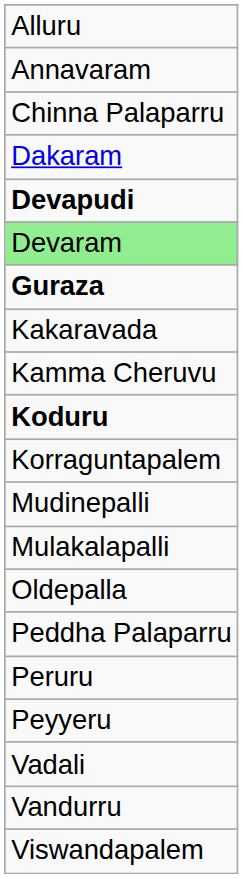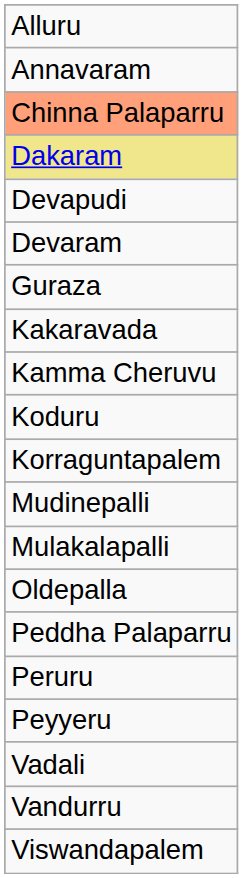 <table class="wikitable">
 <tr>
 <td>Alluru</td>
 </tr>
 <tr>
 <td>Annavaram</td>
 </tr>
 <tr>
-<td>Chinna Palaparru</td>
+<td style="background: lightsalmon;">Chinna Palaparru</td>
 </tr>
 <tr>
-<td><a href='#'>Dakaram</a></td>
+<td style="background: khaki;"><a href='#'>Dakaram</a></td>
 </tr>
 <tr>
-<td><strong>Devapudi</strong></td>
+<td>Devapudi</td>
 </tr>
 <tr>
-<td style="background: lightgreen;">Devaram</td>
+<td>Devaram</td>
 </tr>
 <tr>
-<td><strong>Guraza</strong></td>
+<td>Guraza</td>
 </tr>
 <tr>
 <td>Kakaravada</td>
 </tr>
 <tr>
 <td>Kamma Cheruvu</td>
 </tr>
 <tr>
-<td><strong>Koduru</strong></td>
+<td>Koduru</td>
 </tr>
 <tr>
 <td>Korraguntapalem</td>
 </tr>
 <tr>
 <td>Mudinepalli</td>
 </tr>
 <tr>
 <td>Mulakalapalli</td>
 </tr>
 <tr>
 <td>Oldepalla</td>
 </tr>
 <tr>
 <td>Peddha Palaparru</td>
 </tr>
 <tr>
 <td>Peruru</td>
 </tr>
 <tr>
 <td>Peyyeru</td>
 </tr>
 <tr>
 <td>Vadali</td>
 </tr>
 <tr>
 <td>Vandurru</td>
 </tr>
 <tr>
 <td>Viswandapalem</td>
 </tr>
 </table>
